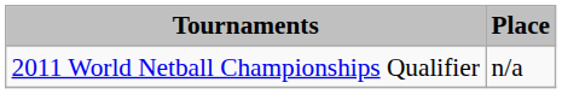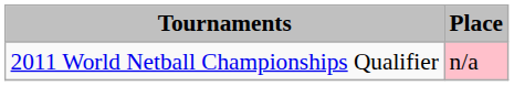 <table class="wikitable collapsible" border="1">
 <tr>
 <th style="background:silver;">Tournaments</th>
 <th style="background:silver;">Place</th>
 </tr>
 <tr>
 <td><a href='#'>2011 World Netball Championships</a> Qualifier</td>
-<td>n/a</td>
+<td style="background: pink;">n/a</td>
 </tr>
 <tr>
 </tr>
 </table>
